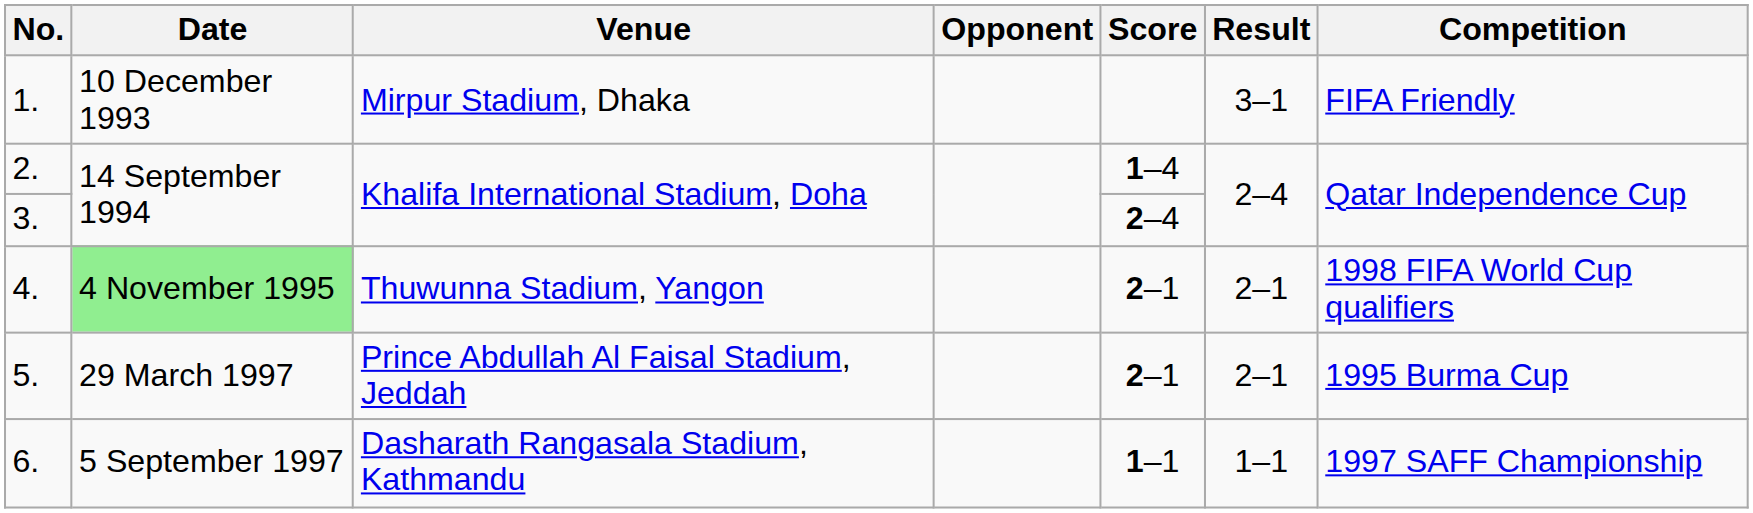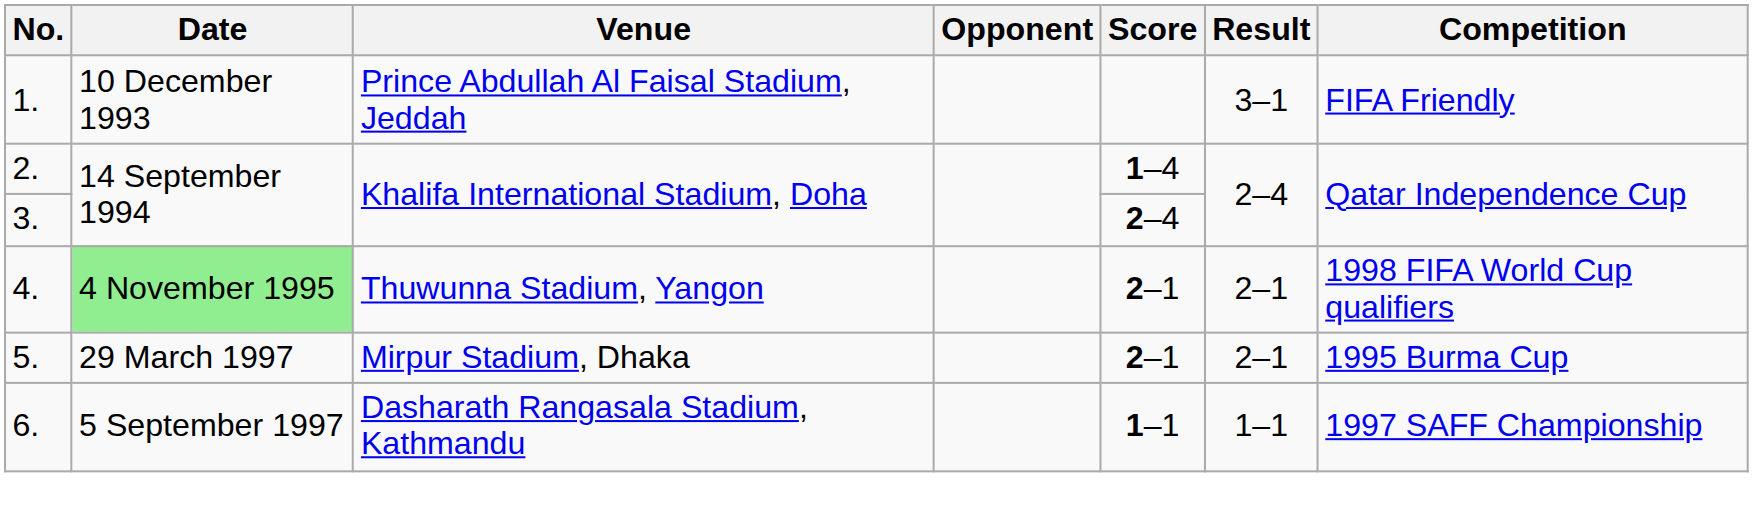 <table class="wikitable plainrowheaders sortable">
 <tr>
 <th scope="col">No.</th>
 <th scope="col">Date</th>
 <th scope="col">Venue</th>
 <th scope="col">Opponent</th>
 <th scope="col">Score</th>
 <th scope="col">Result</th>
 <th scope="col">Competition</th>
 </tr>
 <tr>
 <td>1.</td>
 <td>10 December 1993</td>
-<td><a href='#'>Mirpur Stadium</a>, Dhaka</td>
+<td><a href='#'>Prince Abdullah Al Faisal Stadium</a>, <a href='#'>Jeddah</a></td>
 <td></td>
 <td style="text-align:center;"></td>
 <td style="text-align:center;">3–1</td>
 <td><a href='#'>FIFA Friendly</a></td>
 </tr>
 <tr>
 <td>2.</td>
 <td rowspan=2>14 September 1994</td>
 <td rowspan=2><a href='#'>Khalifa International Stadium</a>, <a href='#'>Doha</a></td>
 <td rowspan=2></td>
 <td style="text-align:center;"><strong>1</strong>–4</td>
 <td rowspan=2 style="text-align:center;">2–4</td>
 <td rowspan=2><a href='#'>Qatar Independence Cup</a></td>
 </tr>
 <tr>
 <td>3.</td>
 <td style="text-align:center;"><strong>2</strong>–4</td>
 </tr>
 <tr>
 <td>4.</td>
 <td style="background: lightgreen;">4 November 1995</td>
 <td><a href='#'>Thuwunna Stadium</a>, <a href='#'>Yangon</a></td>
 <td></td>
 <td style="text-align:center;"><strong>2</strong>–1</td>
 <td style="text-align:center;">2–1</td>
 <td><a href='#'>1998 FIFA World Cup qualifiers</a></td>
 </tr>
 <tr>
 <td>5.</td>
 <td>29 March 1997</td>
-<td><a href='#'>Prince Abdullah Al Faisal Stadium</a>, <a href='#'>Jeddah</a></td>
+<td><a href='#'>Mirpur Stadium</a>, Dhaka</td>
 <td></td>
 <td style="text-align:center;"><strong>2</strong>–1</td>
 <td style="text-align:center;">2–1</td>
 <td><a href='#'>1995 Burma Cup</a></td>
 </tr>
 <tr>
 <td>6.</td>
 <td>5 September 1997</td>
 <td><a href='#'>Dasharath Rangasala Stadium</a>, <a href='#'>Kathmandu</a></td>
 <td></td>
 <td style="text-align:center;"><strong>1</strong>–1</td>
 <td style="text-align:center;">1–1</td>
 <td><a href='#'>1997 SAFF Championship</a></td>
 </tr>
 </table>
